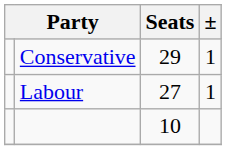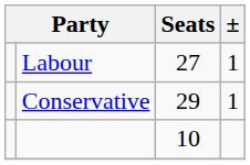 <table class="sortable wikitable">
 <tr>
 <th colspan="2">Party</th>
 <th>Seats</th>
 <th>±</th>
 </tr>
 <tr>
 <td style="background-color: "></td>
-<td><a href='#'>Conservative</a></td>
-<td align="center">29</td>
+<td><a href='#'>Labour</a></td>
+<td align="center">27</td>
 <td align="center">1</td>
 </tr>
 <tr>
 <td style="background-color: "></td>
-<td><a href='#'>Labour</a></td>
-<td align="center">27</td>
+<td><a href='#'>Conservative</a></td>
+<td align="center">29</td>
 <td align="center">1</td>
 </tr>
 <tr>
 <td style="background-color: "></td>
 <td><a href='#'></a></td>
 <td align="center">10</td>
 <td align="center"></td>
 </tr>
 <tr>
 </tr>
 </table>
